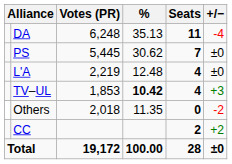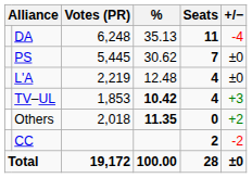 <table class="wikitable" style="text-align:right; font-size:95%;">
 <tr>
 <th colspan="2">Alliance</th>
 <th>Votes (PR)</th>
 <th>%</th>
 <th>Seats</th>
 <th>+/−</th>
 </tr>
 <tr>
 <td style="background:"></td>
 <td align="left"><a href='#'>DA</a></td>
 <td>6,248</td>
 <td>35.13</td>
 <td><strong>11</strong></td>
 <td style="color:red;">-4</td>
 </tr>
 <tr>
 <td style="background:"></td>
 <td align="left"><a href='#'>PS</a></td>
 <td>5,445</td>
 <td>30.62</td>
 <td><strong>7</strong></td>
 <td>±0</td>
 </tr>
 <tr>
 <td style="background:"></td>
 <td align="left"><a href='#'>L'A</a></td>
 <td>2,219</td>
 <td>12.48</td>
 <td><strong>4</strong></td>
 <td>±0</td>
 </tr>
 <tr>
 <td style="background:"></td>
 <td align="left"><a href='#'>TV</a>–<a href='#'>UL</a></td>
 <td>1,853</td>
 <td><strong>10.42</strong></td>
 <td><strong>4</strong></td>
 <td style="color:green;">+3</td>
 </tr>
 <tr>
 <td style="background:white;"></td>
 <td align="left">Others</td>
 <td>2,018</td>
-<td>11.35</td>
+<td><strong>11.35</strong></td>
 <td><strong>0</strong></td>
-<td style="color:red;">-2</td>
+<td style="color:green;">+2</td>
 </tr>
 <tr>
 <td style="background:"></td>
 <td align="left"><a href='#'>CC</a></td>
 <td bgcolor=></td>
 <td bgcolor=></td>
 <td><strong>2</strong></td>
-<td style="color:green;">+2</td>
+<td style="color:red;">-2</td>
 </tr>
 <tr style="font-weight:bold">
 <td colspan="2" align="left">Total</td>
 <td>19,172</td>
 <td>100.00</td>
 <td>28</td>
 <td>±0</td>
 </tr>
 </table>
